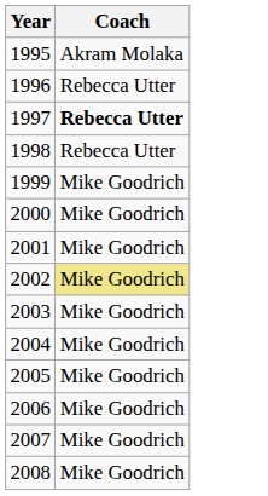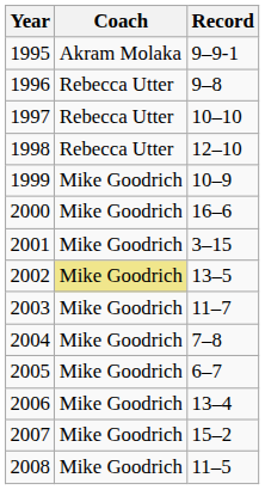 <table class="wikitable">
 <tr>
 <th width=px>Year</th>
 <th width=px>Coach</th>
+<th width=px>Record</th>
 </tr>
 <tr>
 <td>1995</td>
 <td>Akram Molaka</td>
+<td>9–9-1</td>
 </tr>
 <tr>
 <td>1996</td>
 <td>Rebecca Utter</td>
+<td>9–8</td>
 </tr>
 <tr>
 <td>1997</td>
-<td><strong>Rebecca Utter</strong></td>
+<td>Rebecca Utter</td>
+<td>10–10</td>
 </tr>
 <tr>
 <td>1998</td>
 <td>Rebecca Utter</td>
+<td>12–10</td>
 </tr>
 <tr>
 <td>1999</td>
 <td>Mike Goodrich</td>
+<td>10–9</td>
 </tr>
 <tr>
 <td>2000</td>
 <td>Mike Goodrich</td>
+<td>16–6</td>
 </tr>
 <tr>
 <td>2001</td>
 <td>Mike Goodrich</td>
+<td>3–15</td>
 </tr>
 <tr>
 <td>2002</td>
 <td style="background: khaki;">Mike Goodrich</td>
+<td>13–5</td>
 </tr>
 <tr>
 <td>2003</td>
 <td>Mike Goodrich</td>
+<td>11–7</td>
 </tr>
 <tr>
 <td>2004</td>
 <td>Mike Goodrich</td>
+<td>7–8</td>
 </tr>
 <tr>
 <td>2005</td>
 <td>Mike Goodrich</td>
+<td>6–7</td>
 </tr>
 <tr>
 <td>2006</td>
 <td>Mike Goodrich</td>
+<td>13–4</td>
 </tr>
 <tr>
 <td>2007</td>
 <td>Mike Goodrich</td>
+<td>15–2</td>
 </tr>
 <tr>
 <td>2008</td>
 <td>Mike Goodrich</td>
+<td>11–5</td>
 </tr>
 </table>
